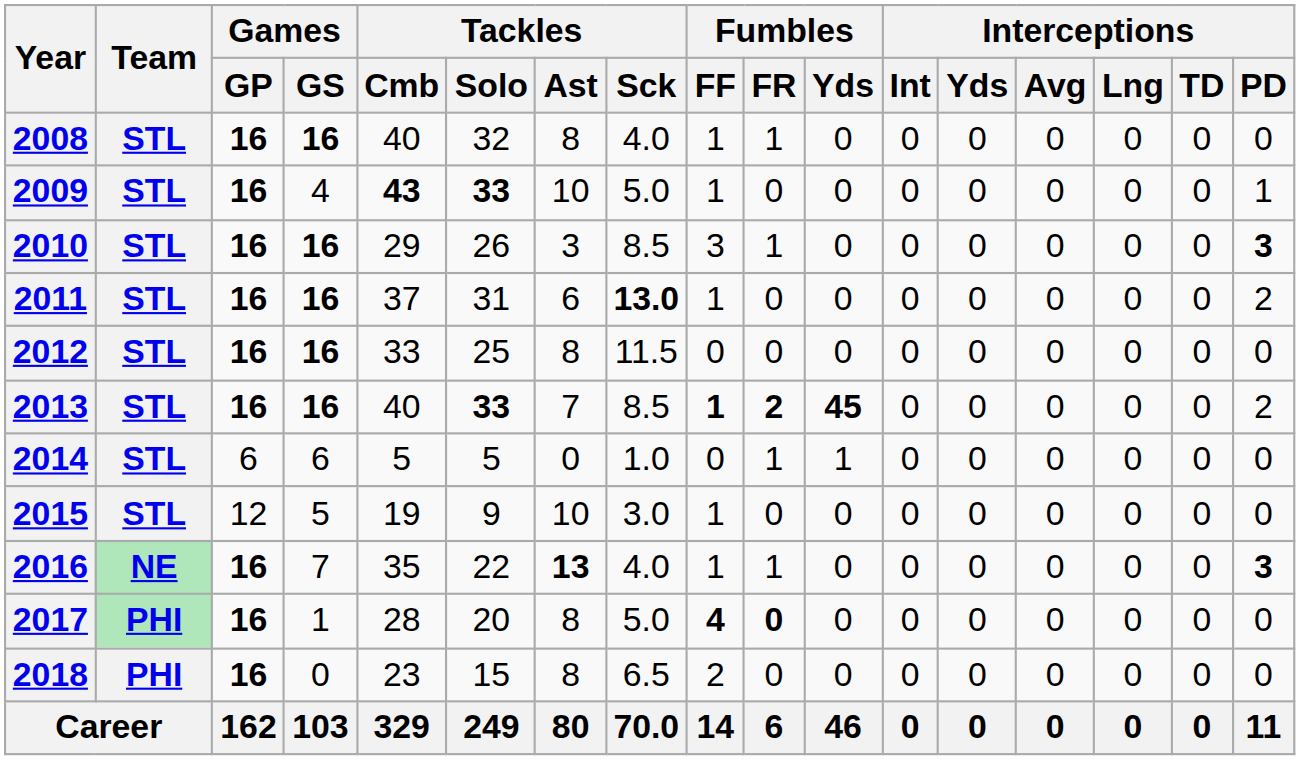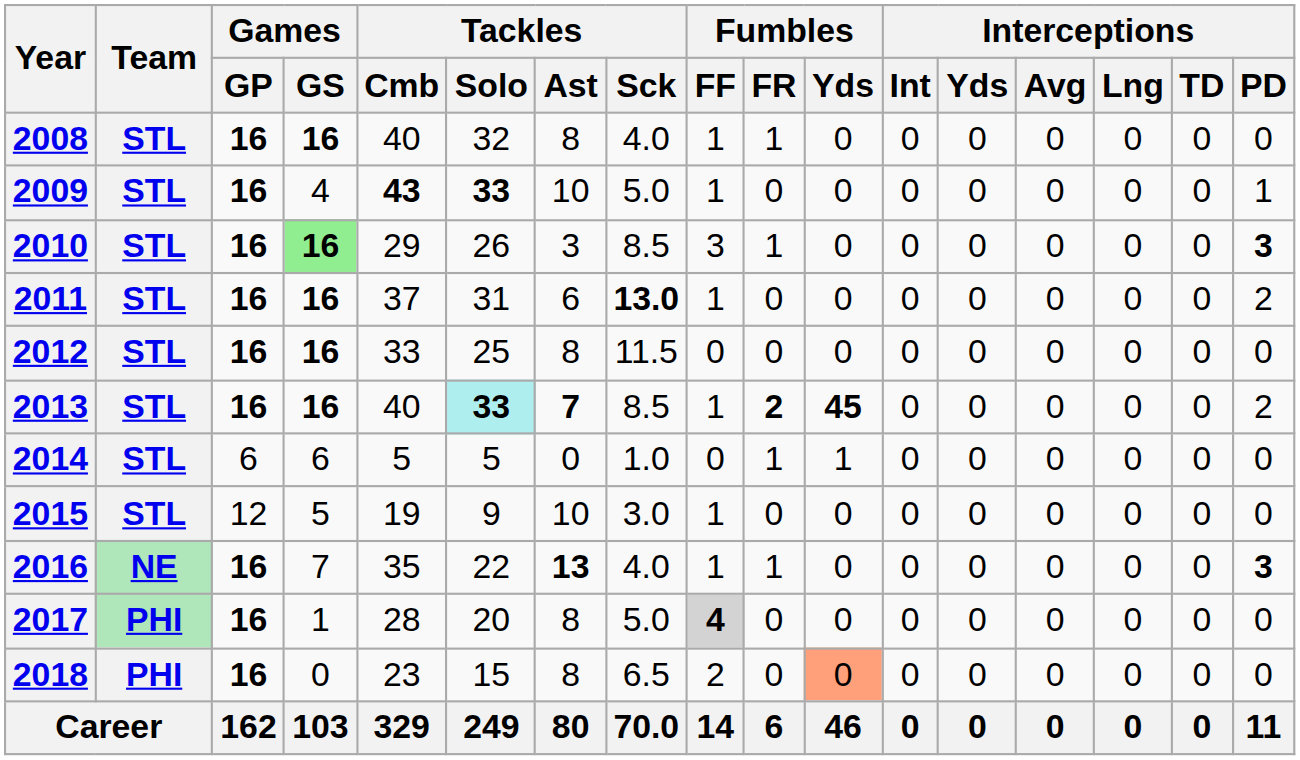 <table class="wikitable" style="text-align: center;">
 <tr>
 <th rowspan="2">Year</th>
 <th rowspan="2">Team</th>
 <th colspan="2">Games</th>
 <th colspan="4">Tackles</th>
 <th colspan="3">Fumbles</th>
 <th colspan="6">Interceptions</th>
 </tr>
 <tr>
 <th>GP</th>
 <th>GS</th>
 <th>Cmb</th>
 <th>Solo</th>
 <th>Ast</th>
 <th>Sck</th>
 <th>FF</th>
 <th>FR</th>
 <th>Yds</th>
 <th>Int</th>
 <th>Yds</th>
 <th>Avg</th>
 <th>Lng</th>
 <th>TD</th>
 <th>PD</th>
 </tr>
 <tr>
 <th><a href='#'>2008</a></th>
 <th><a href='#'>STL</a></th>
 <td><strong>16</strong></td>
 <td><strong>16</strong></td>
 <td>40</td>
 <td>32</td>
 <td>8</td>
 <td>4.0</td>
 <td>1</td>
 <td>1</td>
 <td>0</td>
 <td>0</td>
 <td>0</td>
 <td>0</td>
 <td>0</td>
 <td>0</td>
 <td>0</td>
 </tr>
 <tr>
 <th><a href='#'>2009</a></th>
 <th><a href='#'>STL</a></th>
 <td><strong>16</strong></td>
 <td>4</td>
 <td><strong>43</strong></td>
 <td><strong>33</strong></td>
 <td>10</td>
 <td>5.0</td>
 <td>1</td>
 <td>0</td>
 <td>0</td>
 <td>0</td>
 <td>0</td>
 <td>0</td>
 <td>0</td>
 <td>0</td>
 <td>1</td>
 </tr>
 <tr>
 <th><a href='#'>2010</a></th>
 <th><a href='#'>STL</a></th>
 <td><strong>16</strong></td>
-<td><strong>16</strong></td>
+<td style="background: lightgreen;"><strong>16</strong></td>
 <td>29</td>
 <td>26</td>
 <td>3</td>
 <td>8.5</td>
 <td>3</td>
 <td>1</td>
 <td>0</td>
 <td>0</td>
 <td>0</td>
 <td>0</td>
 <td>0</td>
 <td>0</td>
 <td><strong>3</strong></td>
 </tr>
 <tr>
 <th><a href='#'>2011</a></th>
 <th><a href='#'>STL</a></th>
 <td><strong>16</strong></td>
 <td><strong>16</strong></td>
 <td>37</td>
 <td>31</td>
 <td>6</td>
 <td><strong>13.0</strong></td>
 <td>1</td>
 <td>0</td>
 <td>0</td>
 <td>0</td>
 <td>0</td>
 <td>0</td>
 <td>0</td>
 <td>0</td>
 <td>2</td>
 </tr>
 <tr>
 <th><a href='#'>2012</a></th>
 <th><a href='#'>STL</a></th>
 <td><strong>16</strong></td>
 <td><strong>16</strong></td>
 <td>33</td>
 <td>25</td>
 <td>8</td>
 <td>11.5</td>
 <td>0</td>
 <td>0</td>
 <td>0</td>
 <td>0</td>
 <td>0</td>
 <td>0</td>
 <td>0</td>
 <td>0</td>
 <td>0</td>
 </tr>
 <tr>
 <th><a href='#'>2013</a></th>
 <th><a href='#'>STL</a></th>
 <td><strong>16</strong></td>
 <td><strong>16</strong></td>
 <td>40</td>
-<td><strong>33</strong></td>
-<td>7</td>
+<td style="background: paleturquoise;"><strong>33</strong></td>
+<td><strong>7</strong></td>
 <td>8.5</td>
-<td><strong>1</strong></td>
+<td>1</td>
 <td><strong>2</strong></td>
 <td><strong>45</strong></td>
 <td>0</td>
 <td>0</td>
 <td>0</td>
 <td>0</td>
 <td>0</td>
 <td>2</td>
 </tr>
 <tr>
 <th><a href='#'>2014</a></th>
 <th><a href='#'>STL</a></th>
 <td>6</td>
 <td>6</td>
 <td>5</td>
 <td>5</td>
 <td>0</td>
 <td>1.0</td>
 <td>0</td>
 <td>1</td>
 <td>1</td>
 <td>0</td>
 <td>0</td>
 <td>0</td>
 <td>0</td>
 <td>0</td>
 <td>0</td>
 </tr>
 <tr>
 <th><a href='#'>2015</a></th>
 <th><a href='#'>STL</a></th>
 <td>12</td>
 <td>5</td>
 <td>19</td>
 <td>9</td>
 <td>10</td>
 <td>3.0</td>
 <td>1</td>
 <td>0</td>
 <td>0</td>
 <td>0</td>
 <td>0</td>
 <td>0</td>
 <td>0</td>
 <td>0</td>
 <td>0</td>
 </tr>
 <tr>
 <th><a href='#'>2016</a></th>
 <th style="background:#afe6ba; width:3em;"><a href='#'>NE</a></th>
 <td><strong>16</strong></td>
 <td>7</td>
 <td>35</td>
 <td>22</td>
 <td><strong>13</strong></td>
 <td>4.0</td>
 <td>1</td>
 <td>1</td>
 <td>0</td>
 <td>0</td>
 <td>0</td>
 <td>0</td>
 <td>0</td>
 <td>0</td>
 <td><strong>3</strong></td>
 </tr>
 <tr>
 <th><a href='#'>2017</a></th>
 <th style="background:#afe6ba; width:3em;"><a href='#'>PHI</a></th>
 <td><strong>16</strong></td>
 <td>1</td>
 <td>28</td>
 <td>20</td>
 <td>8</td>
 <td>5.0</td>
-<td><strong>4</strong></td>
-<td><strong>0</strong></td>
+<td style="background: lightgrey;"><strong>4</strong></td>
+<td>0</td>
 <td>0</td>
 <td>0</td>
 <td>0</td>
 <td>0</td>
 <td>0</td>
 <td>0</td>
 <td>0</td>
 </tr>
 <tr>
 <th><a href='#'>2018</a></th>
 <th><a href='#'>PHI</a></th>
 <td><strong>16</strong></td>
 <td>0</td>
 <td>23</td>
 <td>15</td>
 <td>8</td>
 <td>6.5</td>
 <td>2</td>
 <td>0</td>
-<td>0</td>
+<td style="background: lightsalmon;">0</td>
 <td>0</td>
 <td>0</td>
 <td>0</td>
 <td>0</td>
 <td>0</td>
 <td>0</td>
 </tr>
 <tr>
 <th colspan="2">Career</th>
 <th>162</th>
 <th>103</th>
 <th>329</th>
 <th>249</th>
 <th>80</th>
 <th>70.0</th>
 <th>14</th>
 <th>6</th>
 <th>46</th>
 <th>0</th>
 <th>0</th>
 <th>0</th>
 <th>0</th>
 <th>0</th>
 <th>11</th>
 </tr>
 </table>
